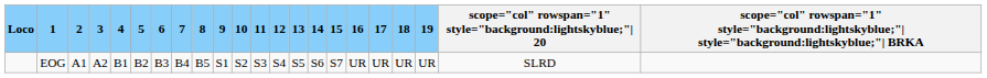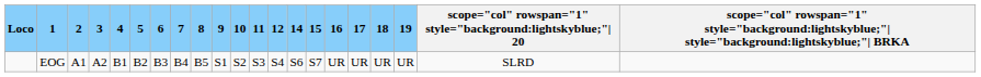 <table class="wikitable plainrowheaders unsortable" style="text-align:center">
 <tr>
 <th scope="col" rowspan="1" style="background:lightskyblue;">Loco</th>
 <th scope="col" rowspan="1" style="background:lightskyblue;">1</th>
 <th scope="col" rowspan="1" style="background:lightskyblue;">2</th>
 <th scope="col" rowspan="1" style="background:lightskyblue;">3</th>
 <th scope="col" rowspan="1" style="background:lightskyblue;">4</th>
 <th scope="col" rowspan="1" style="background:lightskyblue;">5</th>
 <th scope="col" rowspan="1" style="background:lightskyblue;">6</th>
 <th scope="col" rowspan="1" style="background:lightskyblue;">7</th>
 <th scope="col" rowspan="1" style="background:lightskyblue;">8</th>
 <th scope="col" rowspan="1" style="background:lightskyblue;">9</th>
 <th scope="col" rowspan="1" style="background:lightskyblue;">10</th>
 <th scope="col" rowspan="1" style="background:lightskyblue;">11</th>
 <th scope="col" rowspan="1" style="background:lightskyblue;">12</th>
-<th scope="col" rowspan="1" style="background:lightskyblue;">13</th>
 <th scope="col" rowspan="1" style="background:lightskyblue;">14</th>
 <th scope="col" rowspan="1" style="background:lightskyblue;">15</th>
 <th scope="col" rowspan="1" style="background:lightskyblue;">16</th>
 <th scope="col" rowspan="1" style="background:lightskyblue;">17</th>
 <th scope="col" rowspan="1" style="background:lightskyblue;">18</th>
 <th scope="col" rowspan="1" style="background:lightskyblue;">19</th>
 <th>scope="col" rowspan="1"<br>style="background:lightskyblue;"| 20</th>
 <th>scope="col" rowspan="1"<br>style="background:lightskyblue;"| style="background:lightskyblue;"| BRKA</th>
 </tr>
 <tr>
 <td></td>
 <td>EOG</td>
 <td>A1</td>
 <td>A2</td>
 <td>B1</td>
 <td>B2</td>
 <td>B3</td>
 <td>B4</td>
 <td>B5</td>
 <td>S1</td>
 <td>S2</td>
 <td>S3</td>
 <td>S4</td>
-<td>S5</td>
 <td>S6</td>
 <td>S7</td>
 <td>UR</td>
 <td>UR</td>
 <td>UR</td>
 <td>UR</td>
 <td>SLRD</td>
 <td></td>
 </tr>
 </table>
